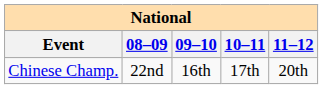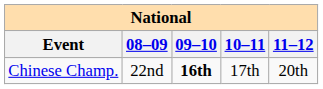 <table class="wikitable" style="text-align:center">
 <tr>
 <th style="background-color: #ffdead; " colspan=5 align=center>National</th>
 </tr>
 <tr>
 <th>Event</th>
 <th><a href='#'>08–09</a></th>
 <th><a href='#'>09–10</a></th>
 <th><a href='#'>10–11</a></th>
 <th><a href='#'>11–12</a></th>
 </tr>
 <tr>
 <td align=left><a href='#'>Chinese Champ.</a></td>
 <td>22nd</td>
-<td>16th</td>
+<td><strong>16th</strong></td>
 <td>17th</td>
 <td>20th</td>
 </tr>
 </table>
